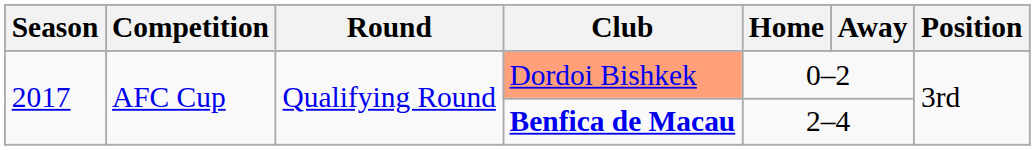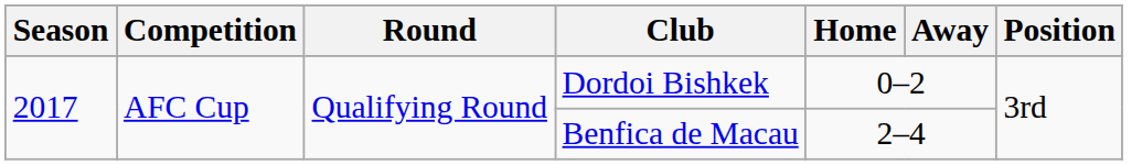 <table class="wikitable">
 <tr>
 <th>Season</th>
 <th>Competition</th>
 <th>Round</th>
 <th>Club</th>
 <th>Home</th>
 <th>Away</th>
 <th>Position</th>
 </tr>
 <tr>
 <td rowspan="2"><a href='#'>2017</a></td>
 <td rowspan="2"><a href='#'>AFC Cup</a></td>
 <td rowspan="2"><a href='#'>Qualifying Round</a></td>
-<td style="background: lightsalmon;"> <a href='#'>Dordoi Bishkek</a></td>
+<td> <a href='#'>Dordoi Bishkek</a></td>
 <td colspan=2; style="text-align:center;">0–2</td>
 <td rowspan="2">3rd</td>
 </tr>
 <tr>
-<td><strong> <a href='#'>Benfica de Macau</a></strong></td>
+<td> <a href='#'>Benfica de Macau</a></td>
 <td colspan=2; style="text-align:center;">2–4</td>
 </tr>
 </table>
